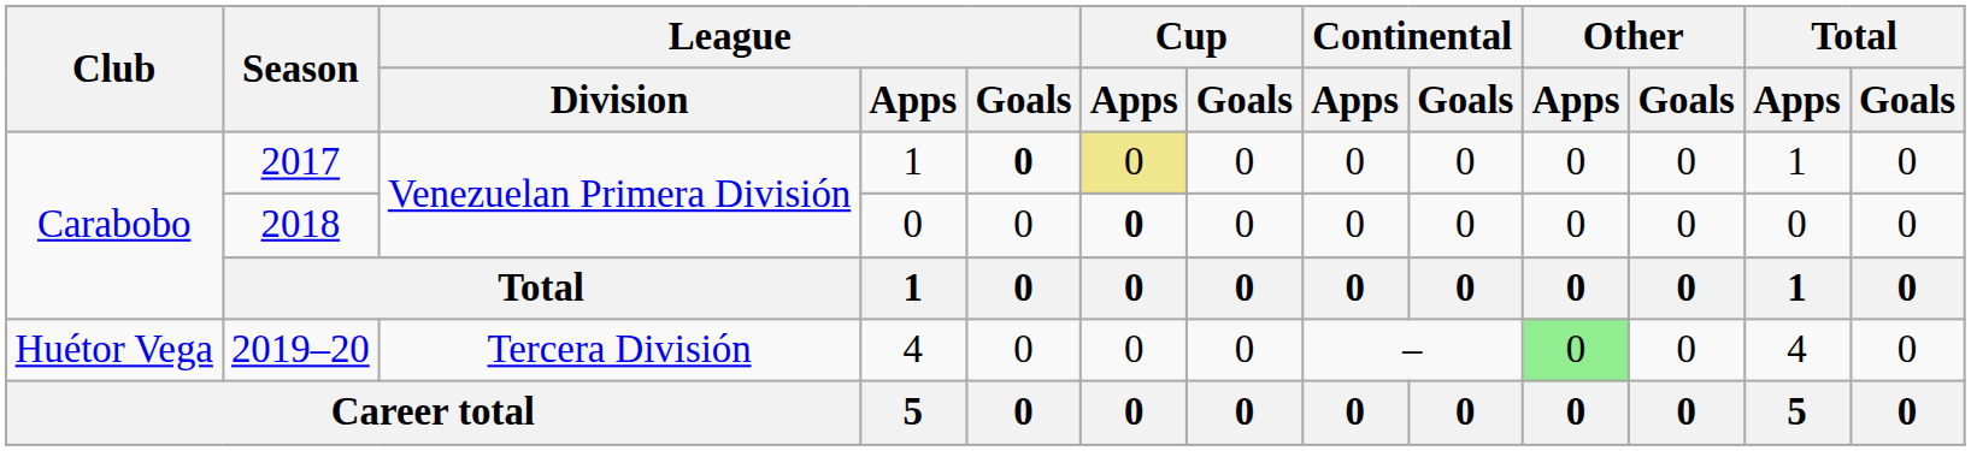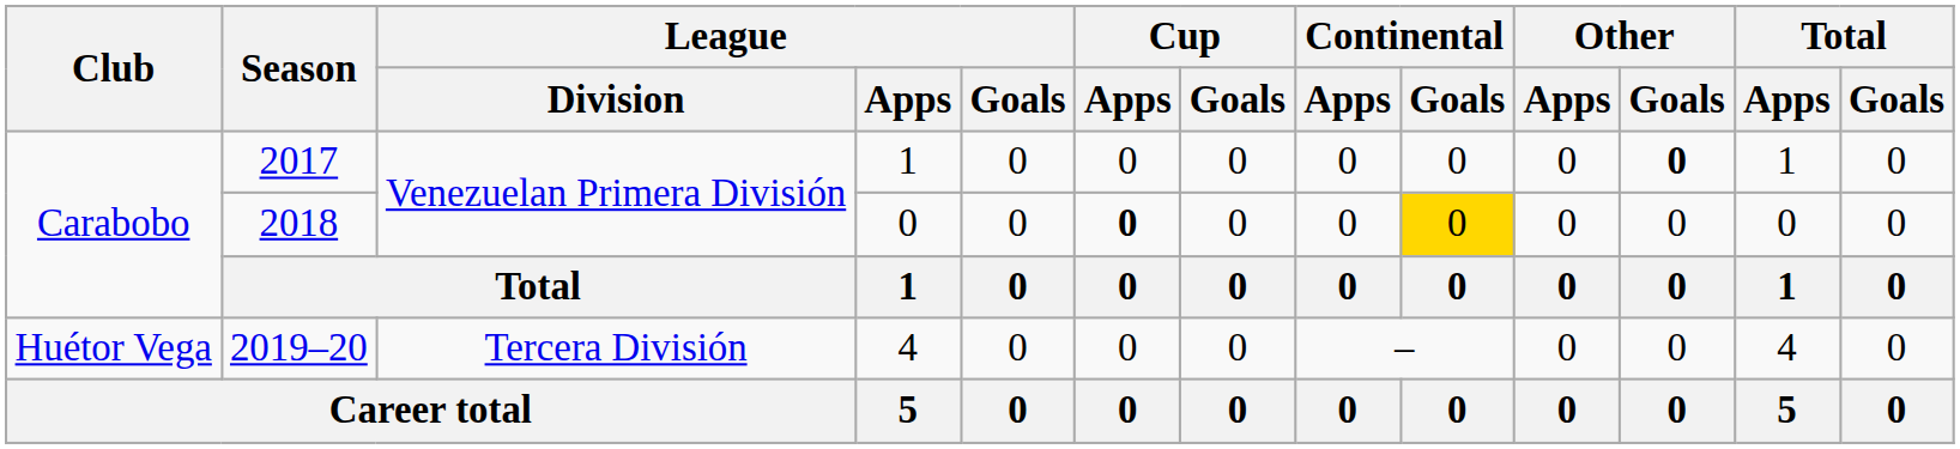 <table class="wikitable" style="text-align: center">
 <tr>
 <th rowspan="2">Club</th>
 <th rowspan="2">Season</th>
 <th colspan="3">League</th>
 <th colspan="2">Cup</th>
 <th colspan="2">Continental</th>
 <th colspan="2">Other</th>
 <th colspan="2">Total</th>
 </tr>
 <tr>
 <th>Division</th>
 <th>Apps</th>
 <th>Goals</th>
 <th>Apps</th>
 <th>Goals</th>
 <th>Apps</th>
 <th>Goals</th>
 <th>Apps</th>
 <th>Goals</th>
 <th>Apps</th>
 <th>Goals</th>
 </tr>
 <tr>
 <td rowspan="3"><a href='#'>Carabobo</a></td>
 <td><a href='#'>2017</a></td>
 <td rowspan="2"><a href='#'>Venezuelan Primera División</a></td>
 <td>1</td>
-<td><strong>0</strong></td>
-<td style="background: khaki;">0</td>
 <td>0</td>
 <td>0</td>
 <td>0</td>
 <td>0</td>
 <td>0</td>
+<td>0</td>
+<td><strong>0</strong></td>
 <td>1</td>
 <td>0</td>
 </tr>
 <tr>
 <td><a href='#'>2018</a></td>
 <td>0</td>
 <td>0</td>
 <td><strong>0</strong></td>
 <td>0</td>
 <td>0</td>
-<td>0</td>
+<td style="background: gold;">0</td>
 <td>0</td>
 <td>0</td>
 <td>0</td>
 <td>0</td>
 </tr>
 <tr>
 <th colspan="2"><strong>Total</strong></th>
 <th>1</th>
 <th>0</th>
 <th>0</th>
 <th>0</th>
 <th>0</th>
 <th>0</th>
 <th>0</th>
 <th>0</th>
 <th>1</th>
 <th>0</th>
 </tr>
 <tr>
 <td><a href='#'>Huétor Vega</a></td>
 <td><a href='#'>2019–20</a></td>
 <td><a href='#'>Tercera División</a></td>
 <td>4</td>
 <td>0</td>
 <td>0</td>
 <td>0</td>
 <td colspan="2">–</td>
-<td style="background: lightgreen;">0</td>
+<td>0</td>
 <td>0</td>
 <td>4</td>
 <td>0</td>
 </tr>
 <tr>
 <th colspan="3"><strong>Career total</strong></th>
 <th>5</th>
 <th>0</th>
 <th>0</th>
 <th>0</th>
 <th>0</th>
 <th>0</th>
 <th>0</th>
 <th>0</th>
 <th>5</th>
 <th>0</th>
 </tr>
 </table>
